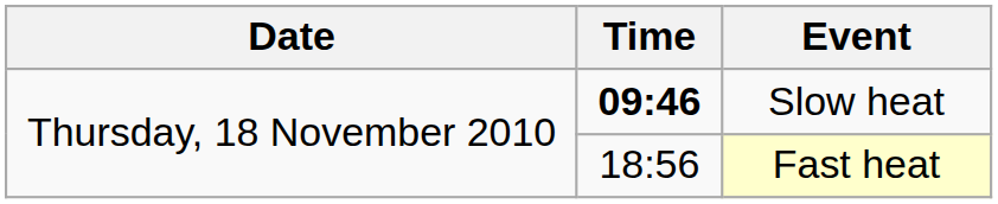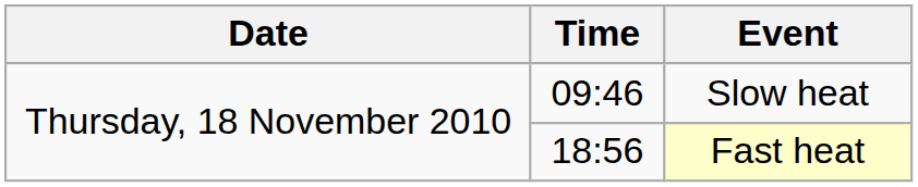 <table class = "wikitable" style="text-align:center;">
 <tr>
 <th width=220>Date</th>
 <th width=50>Time</th>
 <th width=100>Event</th>
 </tr>
 <tr>
 <td rowspan=2>Thursday, 18 November 2010</td>
-<td><strong>09:46</strong></td>
+<td>09:46</td>
 <td>Slow heat</td>
 </tr>
 <tr>
 <td>18:56</td>
 <td bgcolor=ffffcc>Fast heat</td>
 </tr>
 </table>
